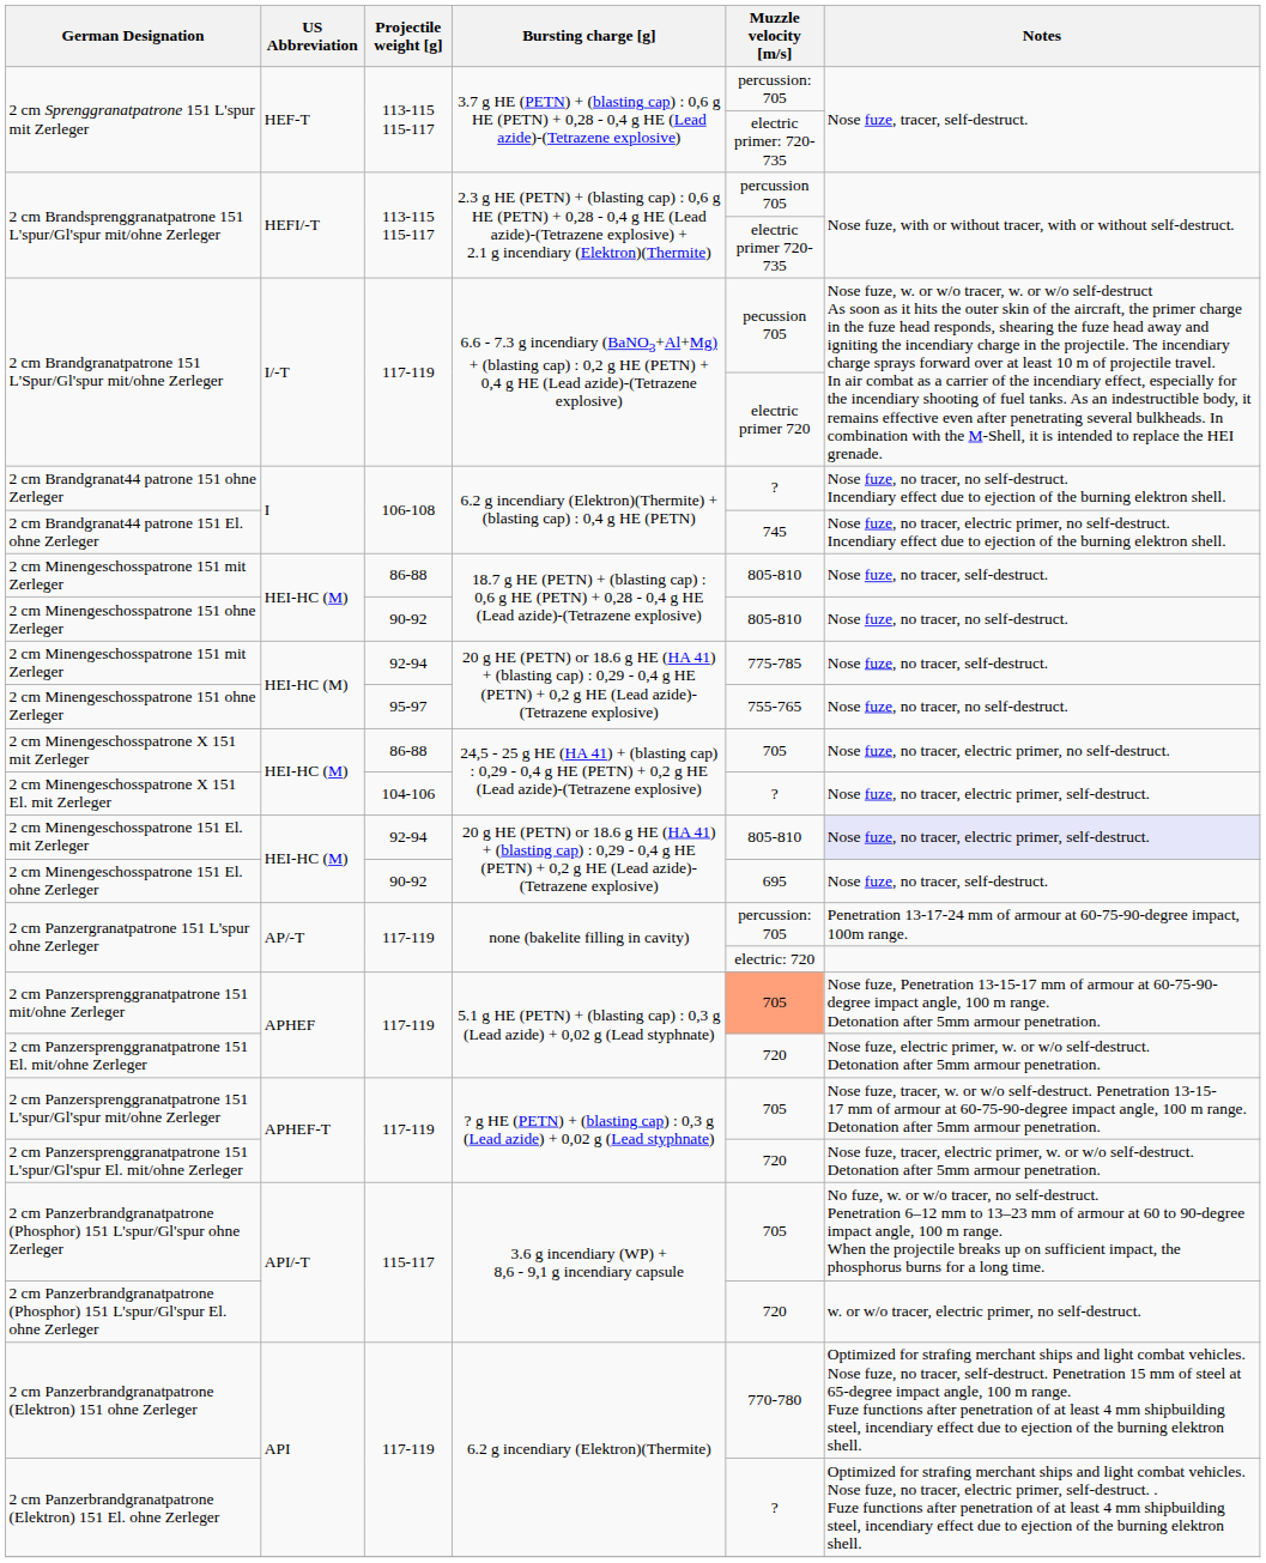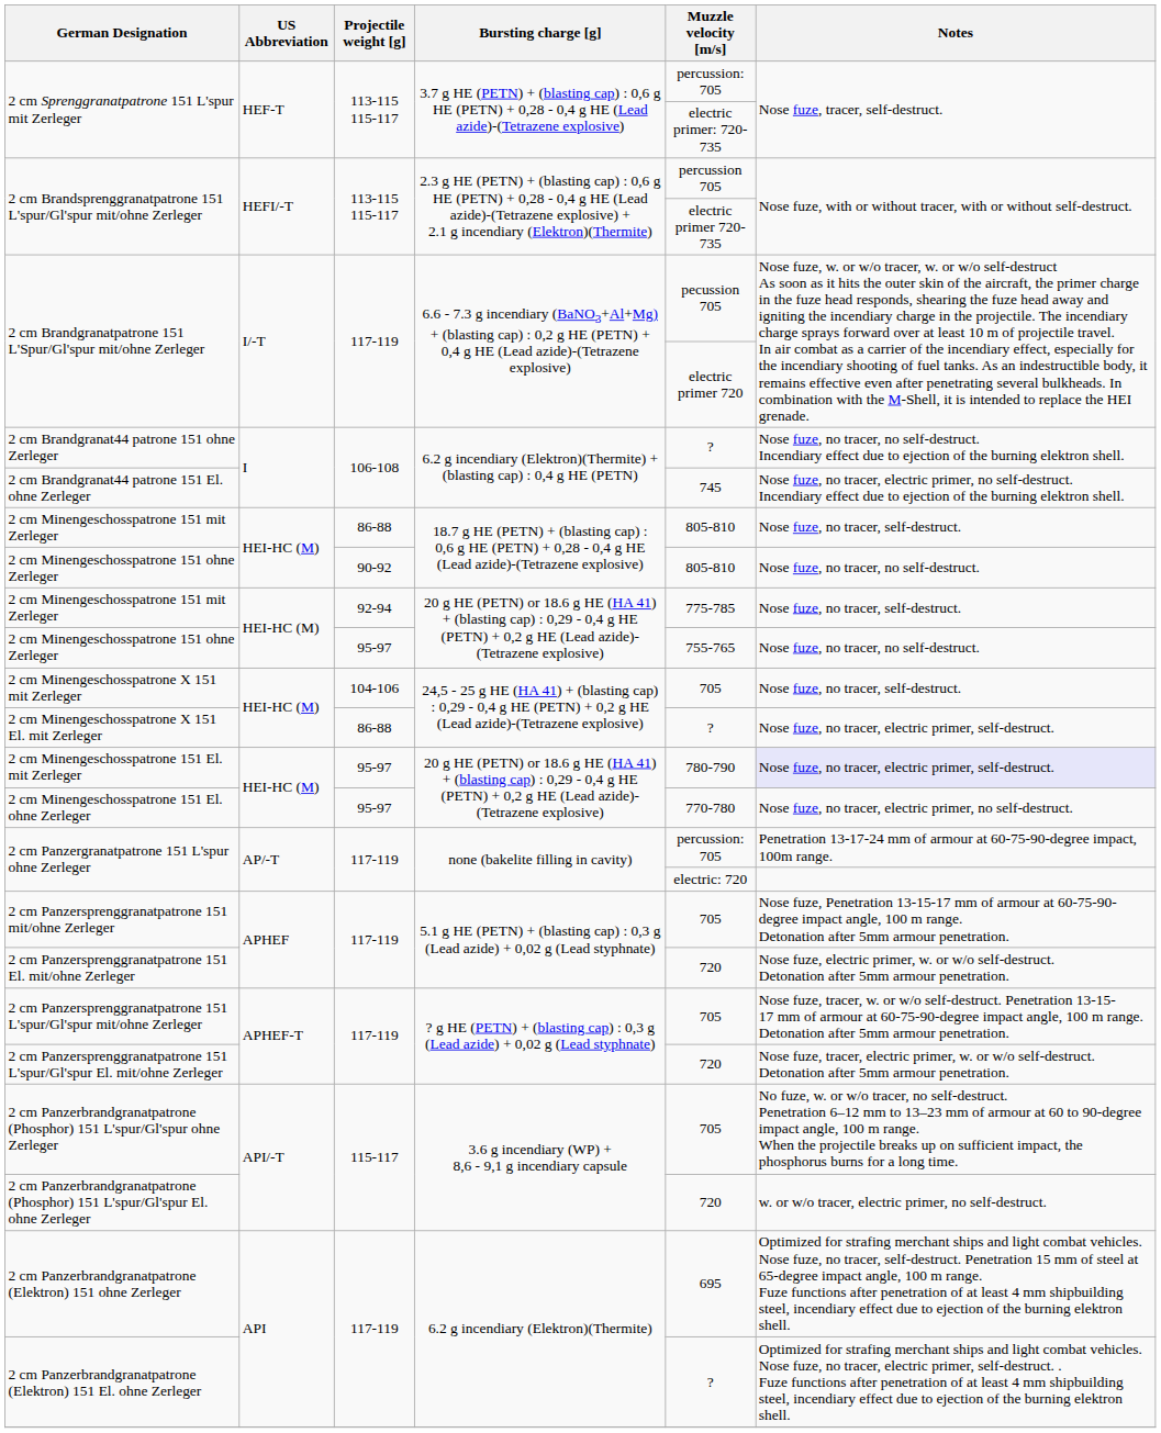 <table class="wikitable">
 <tr>
 <th>German Designation</th>
 <th>US Abbreviation</th>
 <th>Projectile weight [g]</th>
 <th>Bursting charge [g]</th>
 <th>Muzzle velocity [m/s]</th>
 <th>Notes</th>
 </tr>
 <tr>
 <td rowspan="2">2 cm <em>Sprenggranatpatrone</em> 151 L'spur mit Zerleger</td>
 <td rowspan="2">HEF-T</td>
 <td rowspan="2" align="center">113-115 <br> 115-117</td>
 <td rowspan="2" align="center">3.7 g HE (<a href='#'>PETN</a>) + (<a href='#'>blasting cap</a>) : 0,6 g HE (PETN) + 0,28 - 0,4 g HE (<a href='#'>Lead azide</a>)-(<a href='#'>Tetrazene explosive</a>)</td>
 <td align="center">percussion: 705</td>
 <td rowspan="2">Nose <a href='#'>fuze</a>, tracer, self-destruct.</td>
 </tr>
 <tr>
 <td align="center">electric primer: 720-735</td>
 </tr>
 <tr>
 <td rowspan="2">2 cm Brandsprenggranatpatrone 151 L'spur/Gl'spur mit/ohne Zerleger</td>
 <td rowspan="2">HEFI/-T</td>
 <td rowspan="2" align="center">113-115 <br> 115-117</td>
 <td rowspan="2" align="center">2.3 g HE (PETN) + (blasting cap) : 0,6 g HE (PETN) + 0,28 - 0,4 g HE (Lead azide)-(Tetrazene explosive) + <br>2.1 g incendiary (<a href='#'>Elektron</a>)(<a href='#'>Thermite</a>)</td>
 <td align="center">percussion 705</td>
 <td rowspan="2">Nose fuze, with or without tracer, with or without self-destruct.</td>
 </tr>
 <tr>
 <td align="center">electric primer 720-735</td>
 </tr>
 <tr>
 <td rowspan="2">2 cm Brandgranatpatrone 151 L'Spur/Gl'spur mit/ohne Zerleger</td>
 <td rowspan="2">I/-T</td>
 <td rowspan="2" align="center">117-119</td>
 <td rowspan="2" align="center">6.6 - 7.3 g incendiary (<a href='#'>BaNO<sub>3</sub></a>+<a href='#'>Al</a>+<a href='#'>Mg)</a> + (blasting cap) : 0,2 g HE (PETN) + 0,4 g HE (Lead azide)-(Tetrazene explosive)</td>
 <td align="center">pecussion 705</td>
 <td rowspan="2">Nose fuze, w. or w/o tracer, w. or w/o self-destruct<br>As soon as it hits the outer skin of the aircraft, the primer charge in the fuze head responds, shearing the fuze head away and igniting the incendiary charge in the projectile. The incendiary charge sprays forward over at least 10 m of projectile travel. <br>In air combat as a carrier of the incendiary effect, especially for the incendiary shooting of fuel tanks. As an indestructible body, it remains effective even after penetrating several bulkheads. In combination with the <a href='#'>M</a>-Shell, it is intended to replace the HEI grenade.</td>
 </tr>
 <tr>
 <td align="center">electric primer 720</td>
 </tr>
 <tr>
 <td>2 cm Brandgranat44 patrone 151 ohne Zerleger</td>
 <td rowspan="2">I</td>
 <td rowspan="2" align="center">106-108</td>
 <td rowspan="2" align="center">6.2 g incendiary (Elektron)(Thermite) + (blasting cap) : 0,4 g HE (PETN)</td>
 <td align="center">?</td>
 <td>Nose <a href='#'>fuze</a>, no tracer, no self-destruct. <br>Incendiary effect due to ejection of the burning elektron shell.</td>
 </tr>
 <tr>
 <td>2 cm Brandgranat44 patrone 151 El. ohne Zerleger</td>
 <td align="center">745</td>
 <td>Nose <a href='#'>fuze</a>, no tracer, electric primer, no self-destruct. <br>Incendiary effect due to ejection of the burning elektron shell.</td>
 </tr>
 <tr>
 <td>2 cm Minengeschosspatrone 151 mit Zerleger</td>
 <td rowspan="2">HEI-HC (<a href='#'>M</a>)</td>
 <td align="center">86-88</td>
 <td rowspan="2" align="center">18.7 g HE (PETN) + (blasting cap) : 0,6 g HE (PETN) + 0,28 - 0,4 g HE (Lead azide)-(Tetrazene explosive)</td>
 <td align="center">805-810</td>
 <td>Nose <a href='#'>fuze</a>, no tracer, self-destruct.</td>
 </tr>
 <tr>
 <td>2 cm Minengeschosspatrone 151 ohne Zerleger</td>
 <td align="center">90-92</td>
 <td align="center">805-810</td>
 <td>Nose <a href='#'>fuze</a>, no tracer, no self-destruct.</td>
 </tr>
 <tr>
 <td>2 cm Minengeschosspatrone 151 mit Zerleger</td>
 <td rowspan="2">HEI-HC (M)</td>
 <td align="center">92-94</td>
 <td rowspan="2" align="center">20 g HE (PETN) or 18.6 g HE (<a href='#'>HA 41</a>) + (blasting cap) : 0,29 - 0,4 g HE (PETN) + 0,2 g HE (Lead azide)-(Tetrazene explosive)</td>
 <td align="center">775-785</td>
 <td>Nose <a href='#'>fuze</a>, no tracer, self-destruct.</td>
 </tr>
 <tr>
 <td>2 cm Minengeschosspatrone 151 ohne Zerleger</td>
 <td align="center">95-97</td>
 <td align="center">755-765</td>
 <td>Nose <a href='#'>fuze</a>, no tracer, no self-destruct.</td>
 </tr>
 <tr>
 <td>2 cm Minengeschosspatrone X 151 mit Zerleger</td>
 <td rowspan="2">HEI-HC (<a href='#'>M</a>)</td>
-<td align="center">86-88</td>
+<td align="center">104-106</td>
 <td rowspan="2" align="center">24,5 - 25 g HE (<a href='#'>HA 41</a>) + (blasting cap) : 0,29 - 0,4 g HE (PETN) + 0,2 g HE (Lead azide)-(Tetrazene explosive)</td>
 <td align="center">705</td>
-<td>Nose <a href='#'>fuze</a>, no tracer, electric primer, no self-destruct.</td>
+<td>Nose <a href='#'>fuze</a>, no tracer, self-destruct.</td>
 </tr>
 <tr>
 <td>2 cm Minengeschosspatrone X 151 El. mit Zerleger</td>
-<td align="center">104-106</td>
+<td align="center">86-88</td>
 <td align="center">?</td>
 <td>Nose <a href='#'>fuze</a>, no tracer, electric primer, self-destruct.</td>
 </tr>
 <tr>
 <td>2 cm Minengeschosspatrone 151 El. mit Zerleger</td>
 <td rowspan="2">HEI-HC (<a href='#'>M</a>)</td>
-<td align="center">92-94</td>
+<td align="center">95-97</td>
 <td rowspan="2" align="center">20 g HE (PETN) or 18.6 g HE (<a href='#'>HA 41</a>) + (<a href='#'>blasting cap</a>) : 0,29 - 0,4 g HE (PETN) + 0,2 g HE (Lead azide)-(Tetrazene explosive)</td>
-<td align="center">805-810</td>
+<td align="center">780-790</td>
 <td style="background: lavender;">Nose <a href='#'>fuze</a>, no tracer, electric primer, self-destruct.</td>
 </tr>
 <tr>
 <td>2 cm Minengeschosspatrone 151 El. ohne Zerleger</td>
-<td align="center">90-92</td>
-<td align="center">695</td>
-<td>Nose <a href='#'>fuze</a>, no tracer, self-destruct.</td>
+<td align="center">95-97</td>
+<td align="center">770-780</td>
+<td>Nose <a href='#'>fuze</a>, no tracer, electric primer, no self-destruct.</td>
 </tr>
 <tr>
 <td rowspan="2">2 cm Panzergranatpatrone 151 L'spur ohne Zerleger</td>
 <td rowspan="2">AP/-T</td>
 <td rowspan="2" align="center">117-119</td>
 <td rowspan="2" align="center">none (bakelite filling in cavity)</td>
 <td align="center">percussion: 705</td>
 <td>Penetration 13-17-24 mm of armour at 60-75-90-degree impact, 100m range.</td>
 </tr>
 <tr>
 <td align="center">electric: 720</td>
 <td></td>
 </tr>
 <tr>
 <td>2 cm Panzersprenggranatpatrone 151 mit/ohne Zerleger</td>
 <td rowspan="2">APHEF</td>
 <td rowspan="2" align="center">117-119</td>
 <td rowspan="2" align="center">5.1 g HE (PETN) + (blasting cap) : 0,3 g (Lead azide) + 0,02 g (Lead styphnate)</td>
-<td align="center" style="background: lightsalmon;">705</td>
+<td align="center">705</td>
 <td>Nose fuze, Penetration 13-15-17 mm of armour at 60-75-90-degree impact angle, 100 m range.<br>Detonation after 5mm armour penetration.</td>
 </tr>
 <tr>
 <td>2 cm Panzersprenggranatpatrone 151 El. mit/ohne Zerleger</td>
 <td align="center">720</td>
 <td>Nose fuze, electric primer, w. or w/o self-destruct. <br>Detonation after 5mm armour penetration.</td>
 </tr>
 <tr>
 <td>2 cm Panzersprenggranatpatrone 151 L'spur/Gl'spur mit/ohne Zerleger</td>
 <td rowspan="2">APHEF-T</td>
 <td rowspan="2" align="center">117-119</td>
 <td rowspan="2" align="center">? g HE (<a href='#'>PETN</a>) + (<a href='#'>blasting cap</a>) : 0,3 g (<a href='#'>Lead azide</a>) + 0,02 g (<a href='#'>Lead styphnate</a>)</td>
 <td align="center">705</td>
 <td>Nose fuze, tracer, w. or w/o self-destruct. Penetration 13-15-17 mm of armour at 60-75-90-degree impact angle, 100 m range.<br>Detonation after 5mm armour penetration.</td>
 </tr>
 <tr>
 <td>2 cm Panzersprenggranatpatrone 151 L'spur/Gl'spur El. mit/ohne Zerleger</td>
 <td align="center">720</td>
 <td>Nose fuze, tracer, electric primer, w. or w/o self-destruct. <br>Detonation after 5mm armour penetration.</td>
 </tr>
 <tr>
 <td>2 cm Panzerbrandgranatpatrone (Phosphor) 151 L'spur/Gl'spur ohne Zerleger</td>
 <td rowspan="2">API/-T</td>
 <td rowspan="2" align="center">115-117</td>
 <td rowspan="2" align="center">3.6 g incendiary (WP) + <br> 8,6 - 9,1 g incendiary capsule</td>
 <td align="center">705</td>
 <td>No fuze, w. or w/o tracer, no self-destruct.<br>Penetration 6–12 mm to 13–23 mm of armour at 60 to 90-degree impact angle, 100 m range.<br>When the projectile breaks up on sufficient impact, the phosphorus burns for a long time.</td>
 </tr>
 <tr>
 <td>2 cm Panzerbrandgranatpatrone (Phosphor) 151 L'spur/Gl'spur El. ohne Zerleger</td>
 <td align="center">720</td>
 <td>w. or w/o tracer, electric primer, no self-destruct.</td>
 </tr>
 <tr>
 <td>2 cm Panzerbrandgranatpatrone (Elektron) 151 ohne Zerleger</td>
 <td rowspan="2">API</td>
 <td rowspan="2" align="center">117-119</td>
 <td rowspan="2" align="center">6.2 g incendiary (Elektron)(Thermite)</td>
-<td align="center">770-780</td>
+<td align="center">695</td>
 <td>Optimized for strafing merchant ships and light combat vehicles. Nose fuze, no tracer, self-destruct. Penetration 15 mm of steel at 65-degree impact angle, 100 m range.<br>Fuze functions after penetration of at least 4 mm shipbuilding steel, incendiary effect due to ejection of the burning elektron shell.</td>
 </tr>
 <tr>
 <td>2 cm Panzerbrandgranatpatrone (Elektron) 151 El. ohne Zerleger</td>
 <td align="center">?</td>
 <td>Optimized for strafing merchant ships and light combat vehicles. Nose fuze, no tracer, electric primer, self-destruct. .<br>Fuze functions after penetration of at least 4 mm shipbuilding steel, incendiary effect due to ejection of the burning elektron shell.</td>
 </tr>
 <tr>
 </tr>
 </table>
